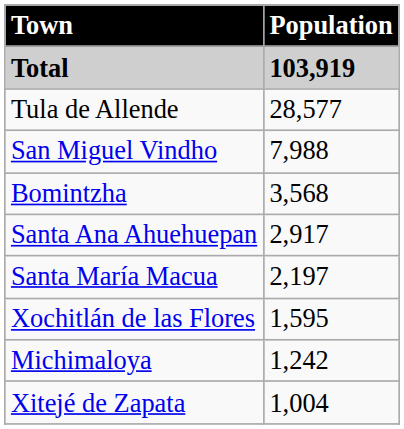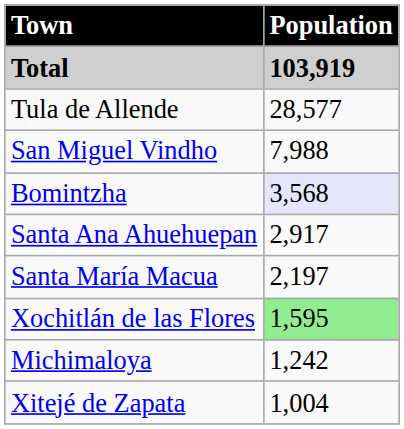 <table class="wikitable">
 <tr style="background:#000000; color:#FFFFFF;">
 <td><strong>Town</strong></td>
 <td><strong>Population</strong></td>
 </tr>
 <tr style="background:#CFCFCF;">
 <td><strong>Total</strong></td>
 <td><strong>103,919</strong></td>
 </tr>
 <tr>
 <td>Tula de Allende</td>
 <td>28,577</td>
 </tr>
 <tr>
 <td><a href='#'>San Miguel Vindho</a></td>
 <td>7,988</td>
 </tr>
 <tr>
 <td><a href='#'>Bomintzha</a></td>
-<td>3,568</td>
+<td style="background: lavender;">3,568</td>
 </tr>
 <tr>
 <td><a href='#'>Santa Ana Ahuehuepan</a></td>
 <td>2,917</td>
 </tr>
 <tr>
 <td><a href='#'>Santa María Macua</a></td>
 <td>2,197</td>
 </tr>
 <tr>
 <td><a href='#'>Xochitlán de las Flores</a></td>
-<td>1,595</td>
+<td style="background: lightgreen;">1,595</td>
 </tr>
 <tr>
 <td><a href='#'>Michimaloya</a></td>
 <td>1,242</td>
 </tr>
 <tr>
 <td><a href='#'>Xitejé de Zapata</a></td>
 <td>1,004</td>
 </tr>
 </table>
